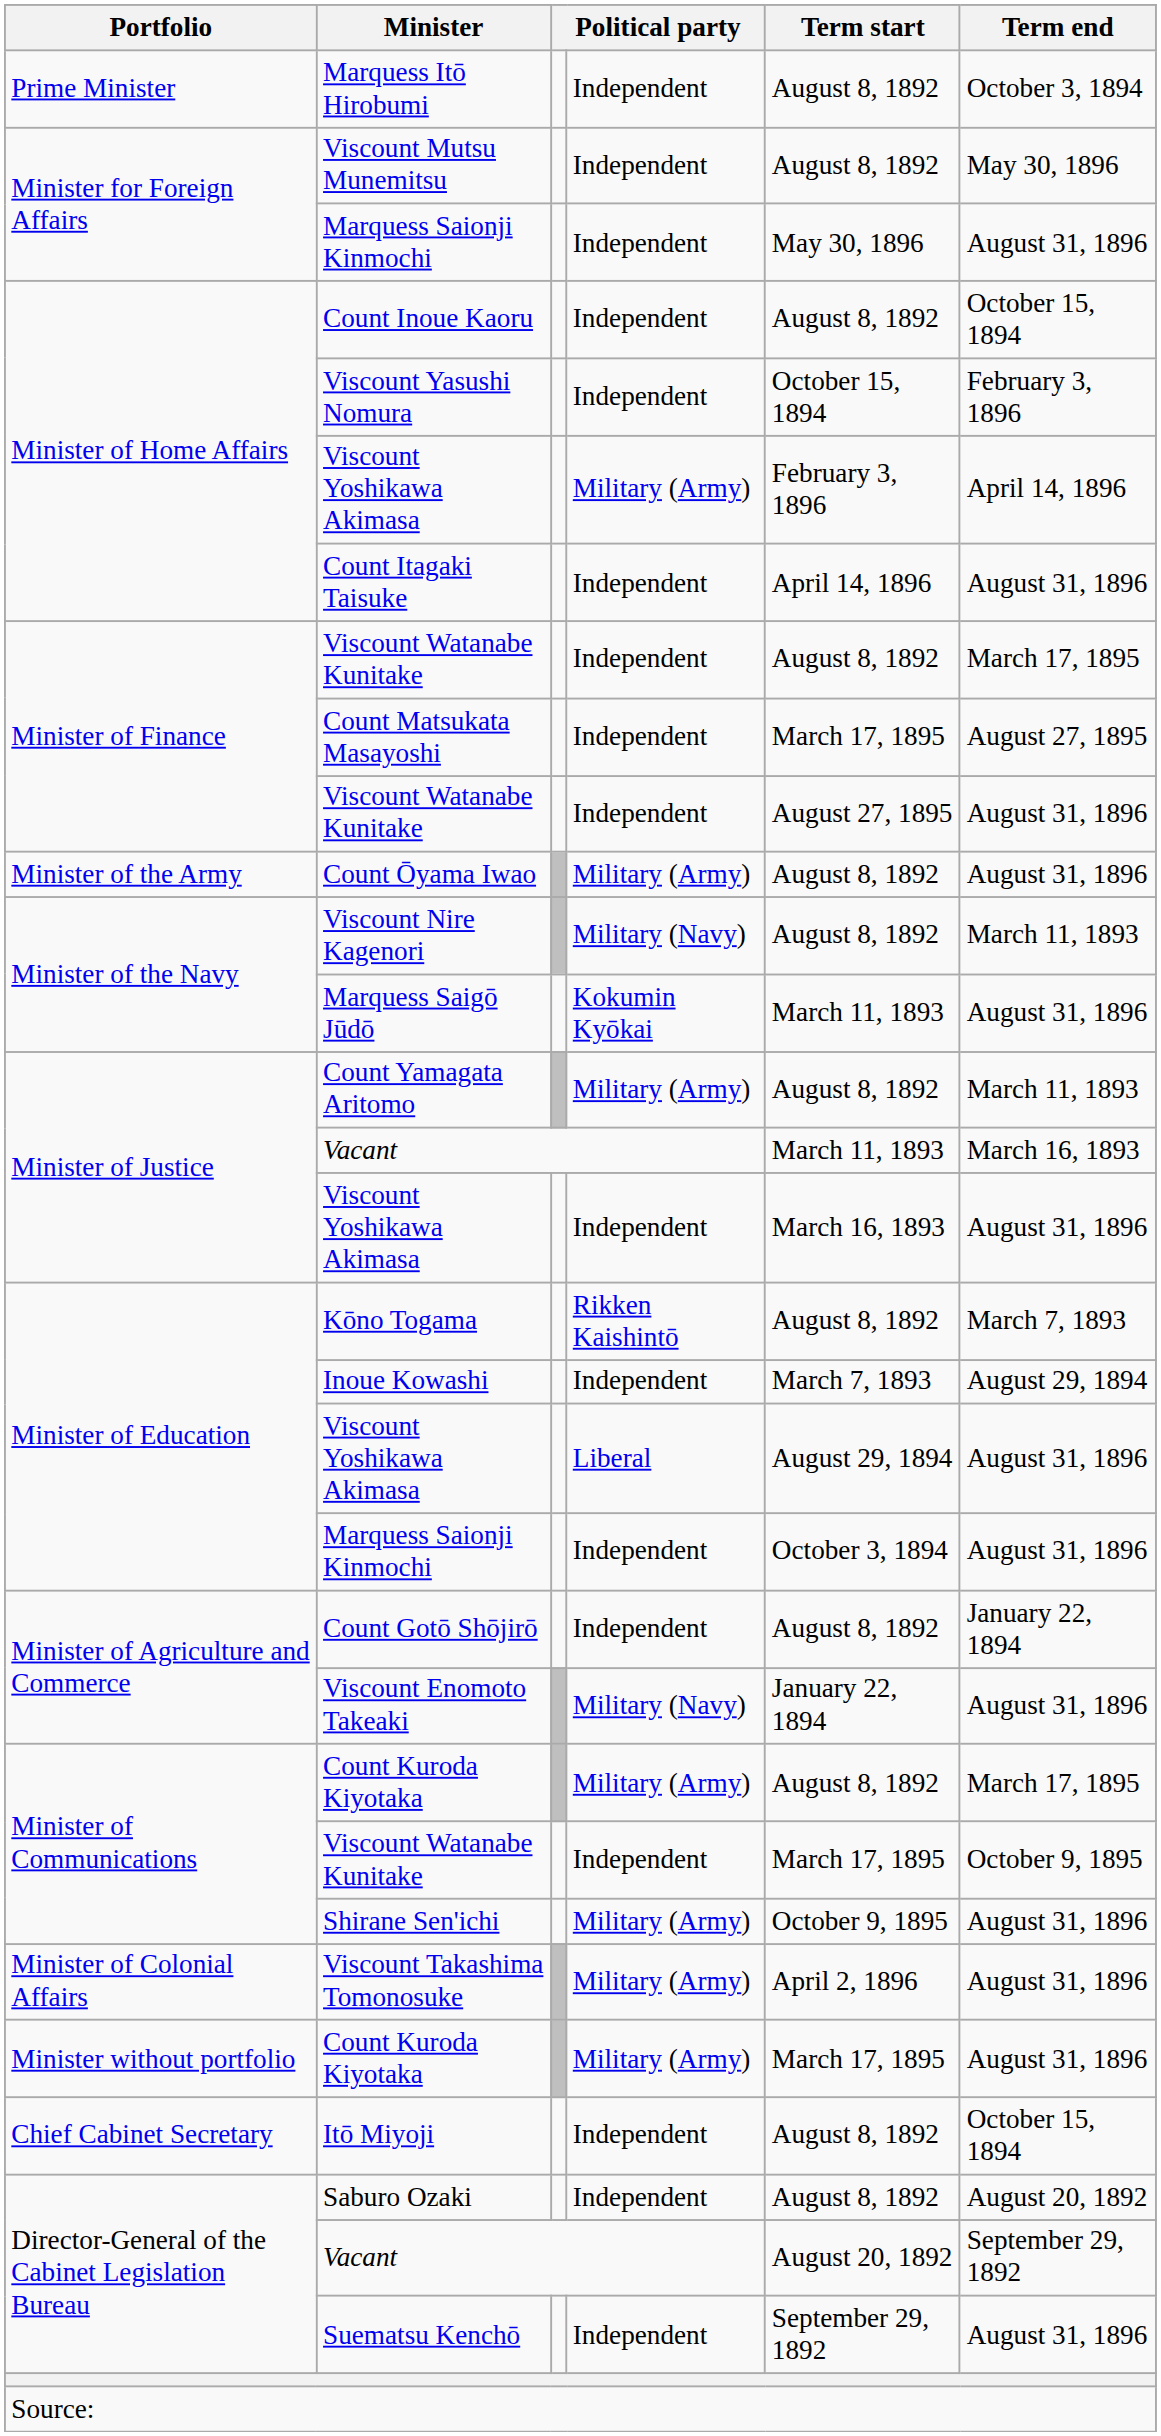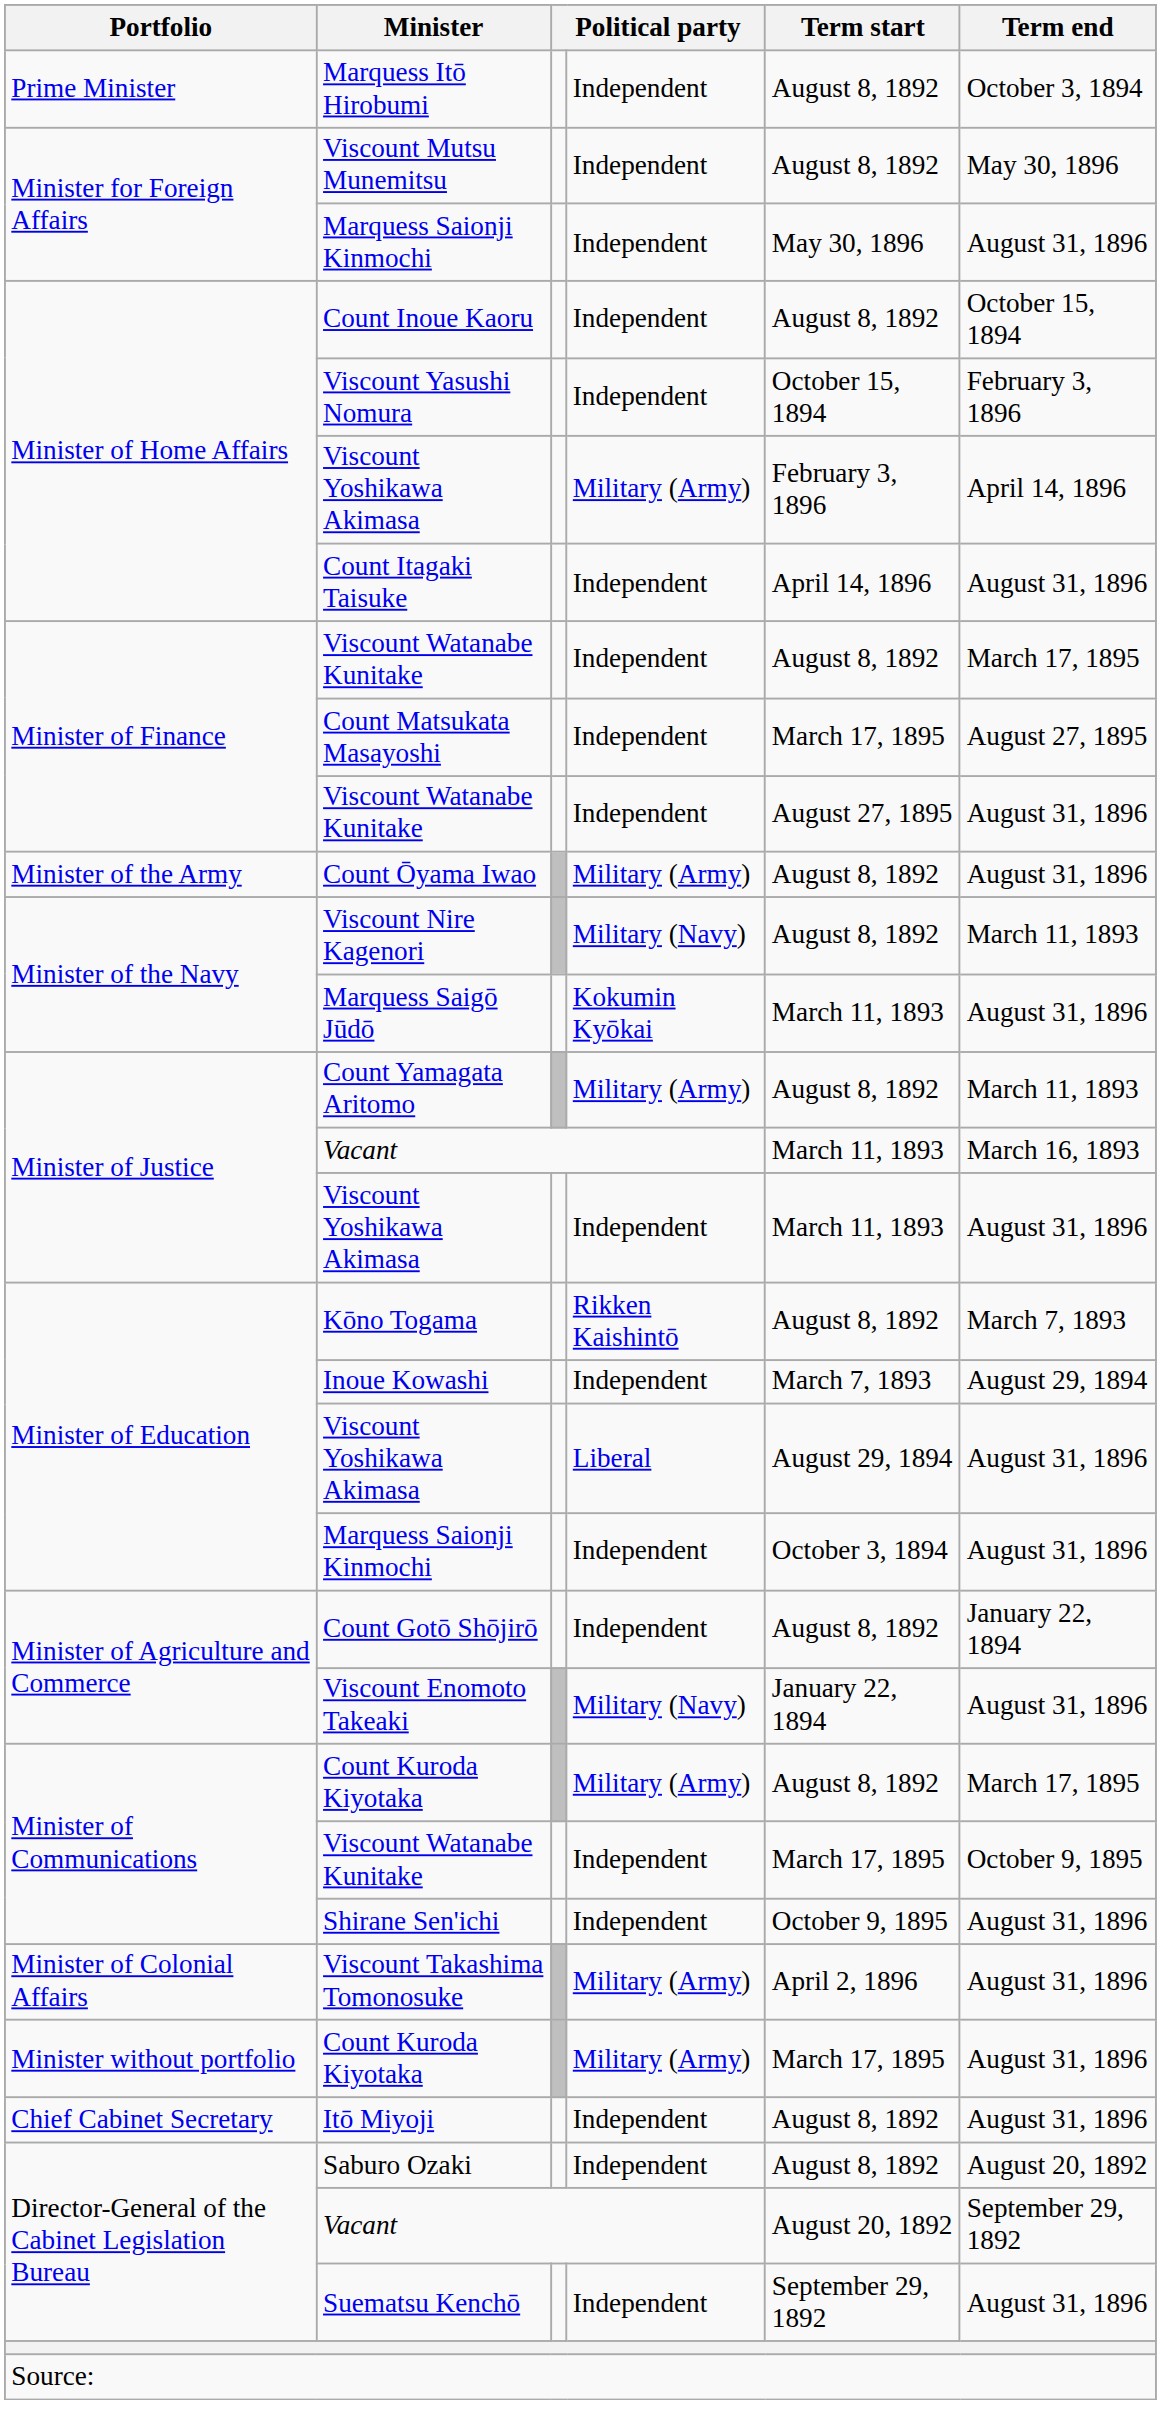 <table class="wikitable unsortable" style="font-size: 90%;">
 <tr>
 <th width="20%" scope="col">Portfolio</th>
 <th width="15%" scope="col">Minister</th>
 <th colspan="2" width="13.5%" scope="col">Political party</th>
 <th width="12.5%" scope="col">Term start</th>
 <th width="12.5%" scope="col">Term end</th>
 </tr>
 <tr>
 <td style="text-align: left;"><a href='#'>Prime Minister</a></td>
 <td><a href='#'>Marquess Itō Hirobumi</a></td>
 <td style="color:inherit;background:"></td>
 <td>Independent</td>
 <td>August 8, 1892</td>
 <td>October 3, 1894</td>
 </tr>
 <tr>
 <td rowspan="2"><a href='#'>Minister for Foreign Affairs</a></td>
 <td><a href='#'>Viscount Mutsu Munemitsu</a></td>
 <td style="color:inherit;background:"></td>
 <td>Independent</td>
 <td>August 8, 1892</td>
 <td>May 30, 1896</td>
 </tr>
 <tr>
 <td><a href='#'>Marquess Saionji Kinmochi</a></td>
 <td style="color:inherit;background:"></td>
 <td>Independent</td>
 <td>May 30, 1896</td>
 <td>August 31, 1896</td>
 </tr>
 <tr>
 <td rowspan="4"><a href='#'>Minister of Home Affairs</a></td>
 <td><a href='#'>Count Inoue Kaoru</a></td>
 <td style="color:inherit;background:"></td>
 <td>Independent</td>
 <td>August 8, 1892</td>
 <td>October 15, 1894</td>
 </tr>
 <tr>
 <td><a href='#'>Viscount Yasushi Nomura</a></td>
 <td style="color:inherit;background:"></td>
 <td>Independent</td>
 <td>October 15, 1894</td>
 <td>February 3, 1896</td>
 </tr>
 <tr>
 <td><a href='#'>Viscount Yoshikawa Akimasa</a></td>
 <td style="color:inherit;background:"></td>
 <td><a href='#'>Military</a> (<a href='#'>Army</a>)</td>
 <td>February 3, 1896</td>
 <td>April 14, 1896</td>
 </tr>
 <tr>
 <td><a href='#'>Count Itagaki Taisuke</a></td>
 <td style="color:inherit;background:"></td>
 <td>Independent</td>
 <td>April 14, 1896</td>
 <td>August 31, 1896</td>
 </tr>
 <tr>
 <td rowspan="3"><a href='#'>Minister of Finance</a></td>
 <td><a href='#'>Viscount Watanabe Kunitake</a></td>
 <td style="color:inherit;background:"></td>
 <td>Independent</td>
 <td>August 8, 1892</td>
 <td>March 17, 1895</td>
 </tr>
 <tr>
 <td><a href='#'>Count Matsukata Masayoshi</a></td>
 <td style="color:inherit;background:"></td>
 <td>Independent</td>
 <td>March 17, 1895</td>
 <td>August 27, 1895</td>
 </tr>
 <tr>
 <td><a href='#'>Viscount Watanabe Kunitake</a></td>
 <td style="color:inherit;background:"></td>
 <td>Independent</td>
 <td>August 27, 1895</td>
 <td>August 31, 1896</td>
 </tr>
 <tr>
 <td><a href='#'>Minister of the Army</a></td>
 <td><a href='#'>Count Ōyama Iwao</a></td>
 <td style="color:inherit;background:#bfbfbf"></td>
 <td><a href='#'>Military</a> (<a href='#'>Army</a>)</td>
 <td>August 8, 1892</td>
 <td>August 31, 1896</td>
 </tr>
 <tr>
 <td rowspan="2"><a href='#'>Minister of the Navy</a></td>
 <td><a href='#'>Viscount Nire Kagenori</a></td>
 <td style="color:inherit;background:#bfbfbf"></td>
 <td><a href='#'>Military</a> (<a href='#'>Navy</a>)</td>
 <td>August 8, 1892</td>
 <td>March 11, 1893</td>
 </tr>
 <tr>
 <td><a href='#'>Marquess Saigō Jūdō</a></td>
 <td style="color:inherit;background:"></td>
 <td><a href='#'>Kokumin Kyōkai</a></td>
 <td>March 11, 1893</td>
 <td>August 31, 1896</td>
 </tr>
 <tr>
 <td rowspan="3"><a href='#'>Minister of Justice</a></td>
 <td><a href='#'>Count Yamagata Aritomo</a></td>
 <td style="color:inherit;background:#bfbfbf"></td>
 <td><a href='#'>Military</a> (<a href='#'>Army</a>)</td>
 <td>August 8, 1892</td>
 <td>March 11, 1893</td>
 </tr>
 <tr>
 <td colspan="3"><em>Vacant</em></td>
 <td>March 11, 1893</td>
 <td>March 16, 1893</td>
 </tr>
 <tr>
 <td><a href='#'>Viscount Yoshikawa Akimasa</a></td>
 <td style="color:inherit;background:"></td>
 <td>Independent</td>
-<td>March 16, 1893</td>
+<td>March 11, 1893</td>
 <td>August 31, 1896</td>
 </tr>
 <tr>
 <td rowspan="4"><a href='#'>Minister of Education</a></td>
 <td><a href='#'>Kōno Togama</a></td>
 <td style="color:inherit;background:"></td>
 <td><a href='#'>Rikken Kaishintō</a></td>
 <td>August 8, 1892</td>
 <td>March 7, 1893</td>
 </tr>
 <tr>
 <td><a href='#'>Inoue Kowashi</a></td>
 <td style="color:inherit;background:"></td>
 <td>Independent</td>
 <td>March 7, 1893</td>
 <td>August 29, 1894</td>
 </tr>
 <tr>
 <td><a href='#'>Viscount Yoshikawa Akimasa</a></td>
 <td style="color:inherit;background:"></td>
 <td><a href='#'>Liberal</a></td>
 <td>August 29, 1894</td>
 <td>August 31, 1896</td>
 </tr>
 <tr>
 <td><a href='#'>Marquess Saionji Kinmochi</a></td>
 <td style="color:inherit;background:"></td>
 <td>Independent</td>
 <td>October 3, 1894</td>
 <td>August 31, 1896</td>
 </tr>
 <tr>
 <td rowspan="2"><a href='#'>Minister of Agriculture and Commerce</a></td>
 <td><a href='#'>Count Gotō Shōjirō</a></td>
 <td style="color:inherit;background:"></td>
 <td>Independent</td>
 <td>August 8, 1892</td>
 <td>January 22, 1894</td>
 </tr>
 <tr>
 <td><a href='#'>Viscount Enomoto Takeaki</a></td>
 <td style="color:inherit;background:#bfbfbf"></td>
 <td><a href='#'>Military</a> (<a href='#'>Navy</a>)</td>
 <td>January 22, 1894</td>
 <td>August 31, 1896</td>
 </tr>
 <tr>
 <td rowspan="3"><a href='#'>Minister of Communications</a></td>
 <td><a href='#'>Count Kuroda Kiyotaka</a></td>
 <td style="color:inherit;background:#bfbfbf"></td>
 <td><a href='#'>Military</a> (<a href='#'>Army</a>)</td>
 <td>August 8, 1892</td>
 <td>March 17, 1895</td>
 </tr>
 <tr>
 <td><a href='#'>Viscount Watanabe Kunitake</a></td>
 <td style="color:inherit;background:"></td>
 <td>Independent</td>
 <td>March 17, 1895</td>
 <td>October 9, 1895</td>
 </tr>
 <tr>
 <td><a href='#'>Shirane Sen'ichi</a></td>
 <td style="color:inherit;background:"></td>
-<td><a href='#'>Military</a> (<a href='#'>Army</a>)</td>
+<td>Independent</td>
 <td>October 9, 1895</td>
 <td>August 31, 1896</td>
 </tr>
 <tr>
 <td><a href='#'>Minister of Colonial Affairs</a></td>
 <td><a href='#'>Viscount Takashima Tomonosuke</a></td>
 <td style="color:inherit;background:#bfbfbf"></td>
 <td><a href='#'>Military</a> (<a href='#'>Army</a>)</td>
 <td>April 2, 1896</td>
 <td>August 31, 1896</td>
 </tr>
 <tr>
 <td><a href='#'>Minister without portfolio</a></td>
 <td><a href='#'>Count Kuroda Kiyotaka</a></td>
 <td style="color:inherit;background:#bfbfbf"></td>
 <td><a href='#'>Military</a> (<a href='#'>Army</a>)</td>
 <td>March 17, 1895</td>
 <td>August 31, 1896</td>
 </tr>
 <tr>
 <td><a href='#'>Chief Cabinet Secretary</a></td>
 <td><a href='#'>Itō Miyoji</a></td>
 <td style="color:inherit;background:"></td>
 <td>Independent</td>
 <td>August 8, 1892</td>
-<td>October 15, 1894</td>
+<td>August 31, 1896</td>
 </tr>
 <tr>
 <td rowspan="3">Director-General of the <a href='#'>Cabinet Legislation Bureau</a></td>
 <td>Saburo Ozaki</td>
 <td style="color:inherit;background:"></td>
 <td>Independent</td>
 <td>August 8, 1892</td>
 <td>August 20, 1892</td>
 </tr>
 <tr>
 <td colspan="3"><em>Vacant</em></td>
 <td>August 20, 1892</td>
 <td>September 29, 1892</td>
 </tr>
 <tr>
 <td><a href='#'>Suematsu Kenchō</a></td>
 <td style="color:inherit;background:"></td>
 <td>Independent</td>
 <td>September 29, 1892</td>
 <td>August 31, 1896</td>
 </tr>
 <tr>
 <th colspan="6"></th>
 </tr>
 <tr>
 <td colspan="6">Source:</td>
 </tr>
 </table>
